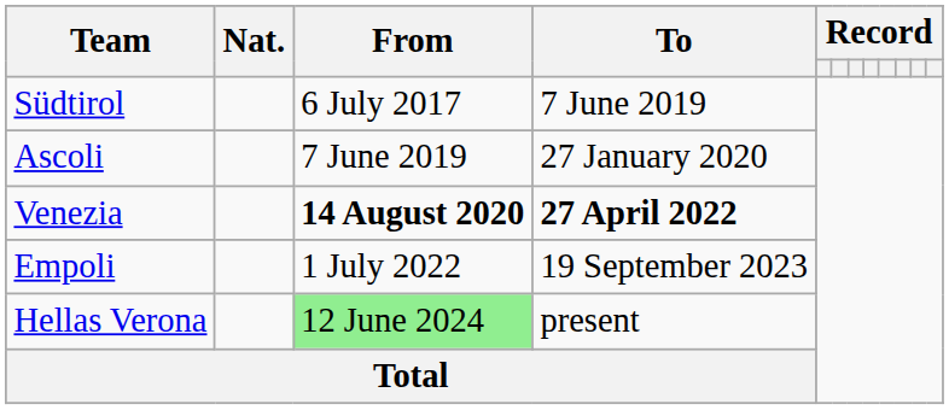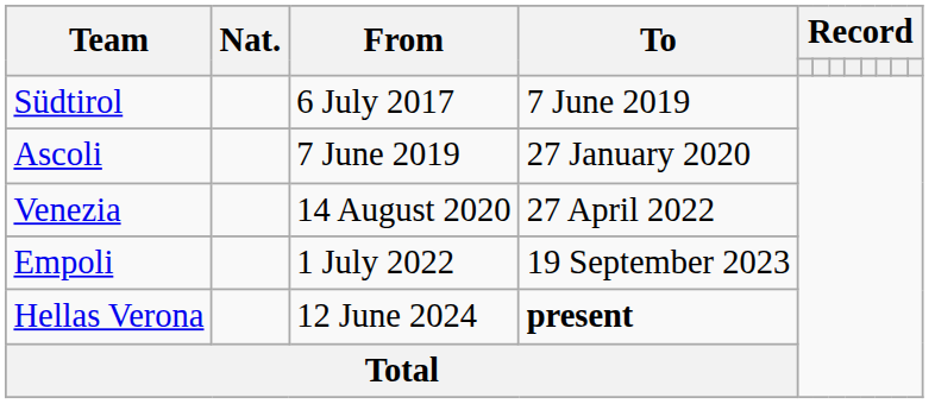 <table class="wikitable" style="text-align: center">
 <tr>
 <th rowspan="2">Team</th>
 <th rowspan="2">Nat.</th>
 <th rowspan="2">From</th>
 <th rowspan="2">To</th>
 <th colspan="8">Record</th>
 </tr>
 <tr>
 <th></th>
 <th></th>
 <th></th>
 <th></th>
 <th></th>
 <th></th>
 <th></th>
 <th></th>
 </tr>
 <tr>
 <td align=left><a href='#'>Südtirol</a></td>
 <td></td>
 <td align=left>6 July 2017</td>
 <td align=left>7 June 2019<br></td>
 </tr>
 <tr>
 <td align=left><a href='#'>Ascoli</a></td>
 <td></td>
 <td align=left>7 June 2019</td>
 <td align=left>27 January 2020<br></td>
 </tr>
 <tr>
 <td align=left><a href='#'>Venezia</a></td>
 <td></td>
-<td align=left><strong>14 August 2020</strong></td>
-<td align=left><strong>27 April 2022<br></strong></td>
+<td align=left>14 August 2020</td>
+<td align=left>27 April 2022<br></td>
 </tr>
 <tr>
 <td align=left><a href='#'>Empoli</a></td>
 <td></td>
 <td align=left>1 July 2022</td>
 <td align=left>19 September 2023<br></td>
 </tr>
 <tr>
 <td align=left><a href='#'>Hellas Verona</a></td>
 <td></td>
-<td align=left style="background: lightgreen;">12 June 2024</td>
-<td align=left>present<br></td>
+<td align=left>12 June 2024</td>
+<td align=left><strong>present<br></strong></td>
 </tr>
 <tr>
 <th colspan="4">Total<br></th>
 </tr>
 </table>
